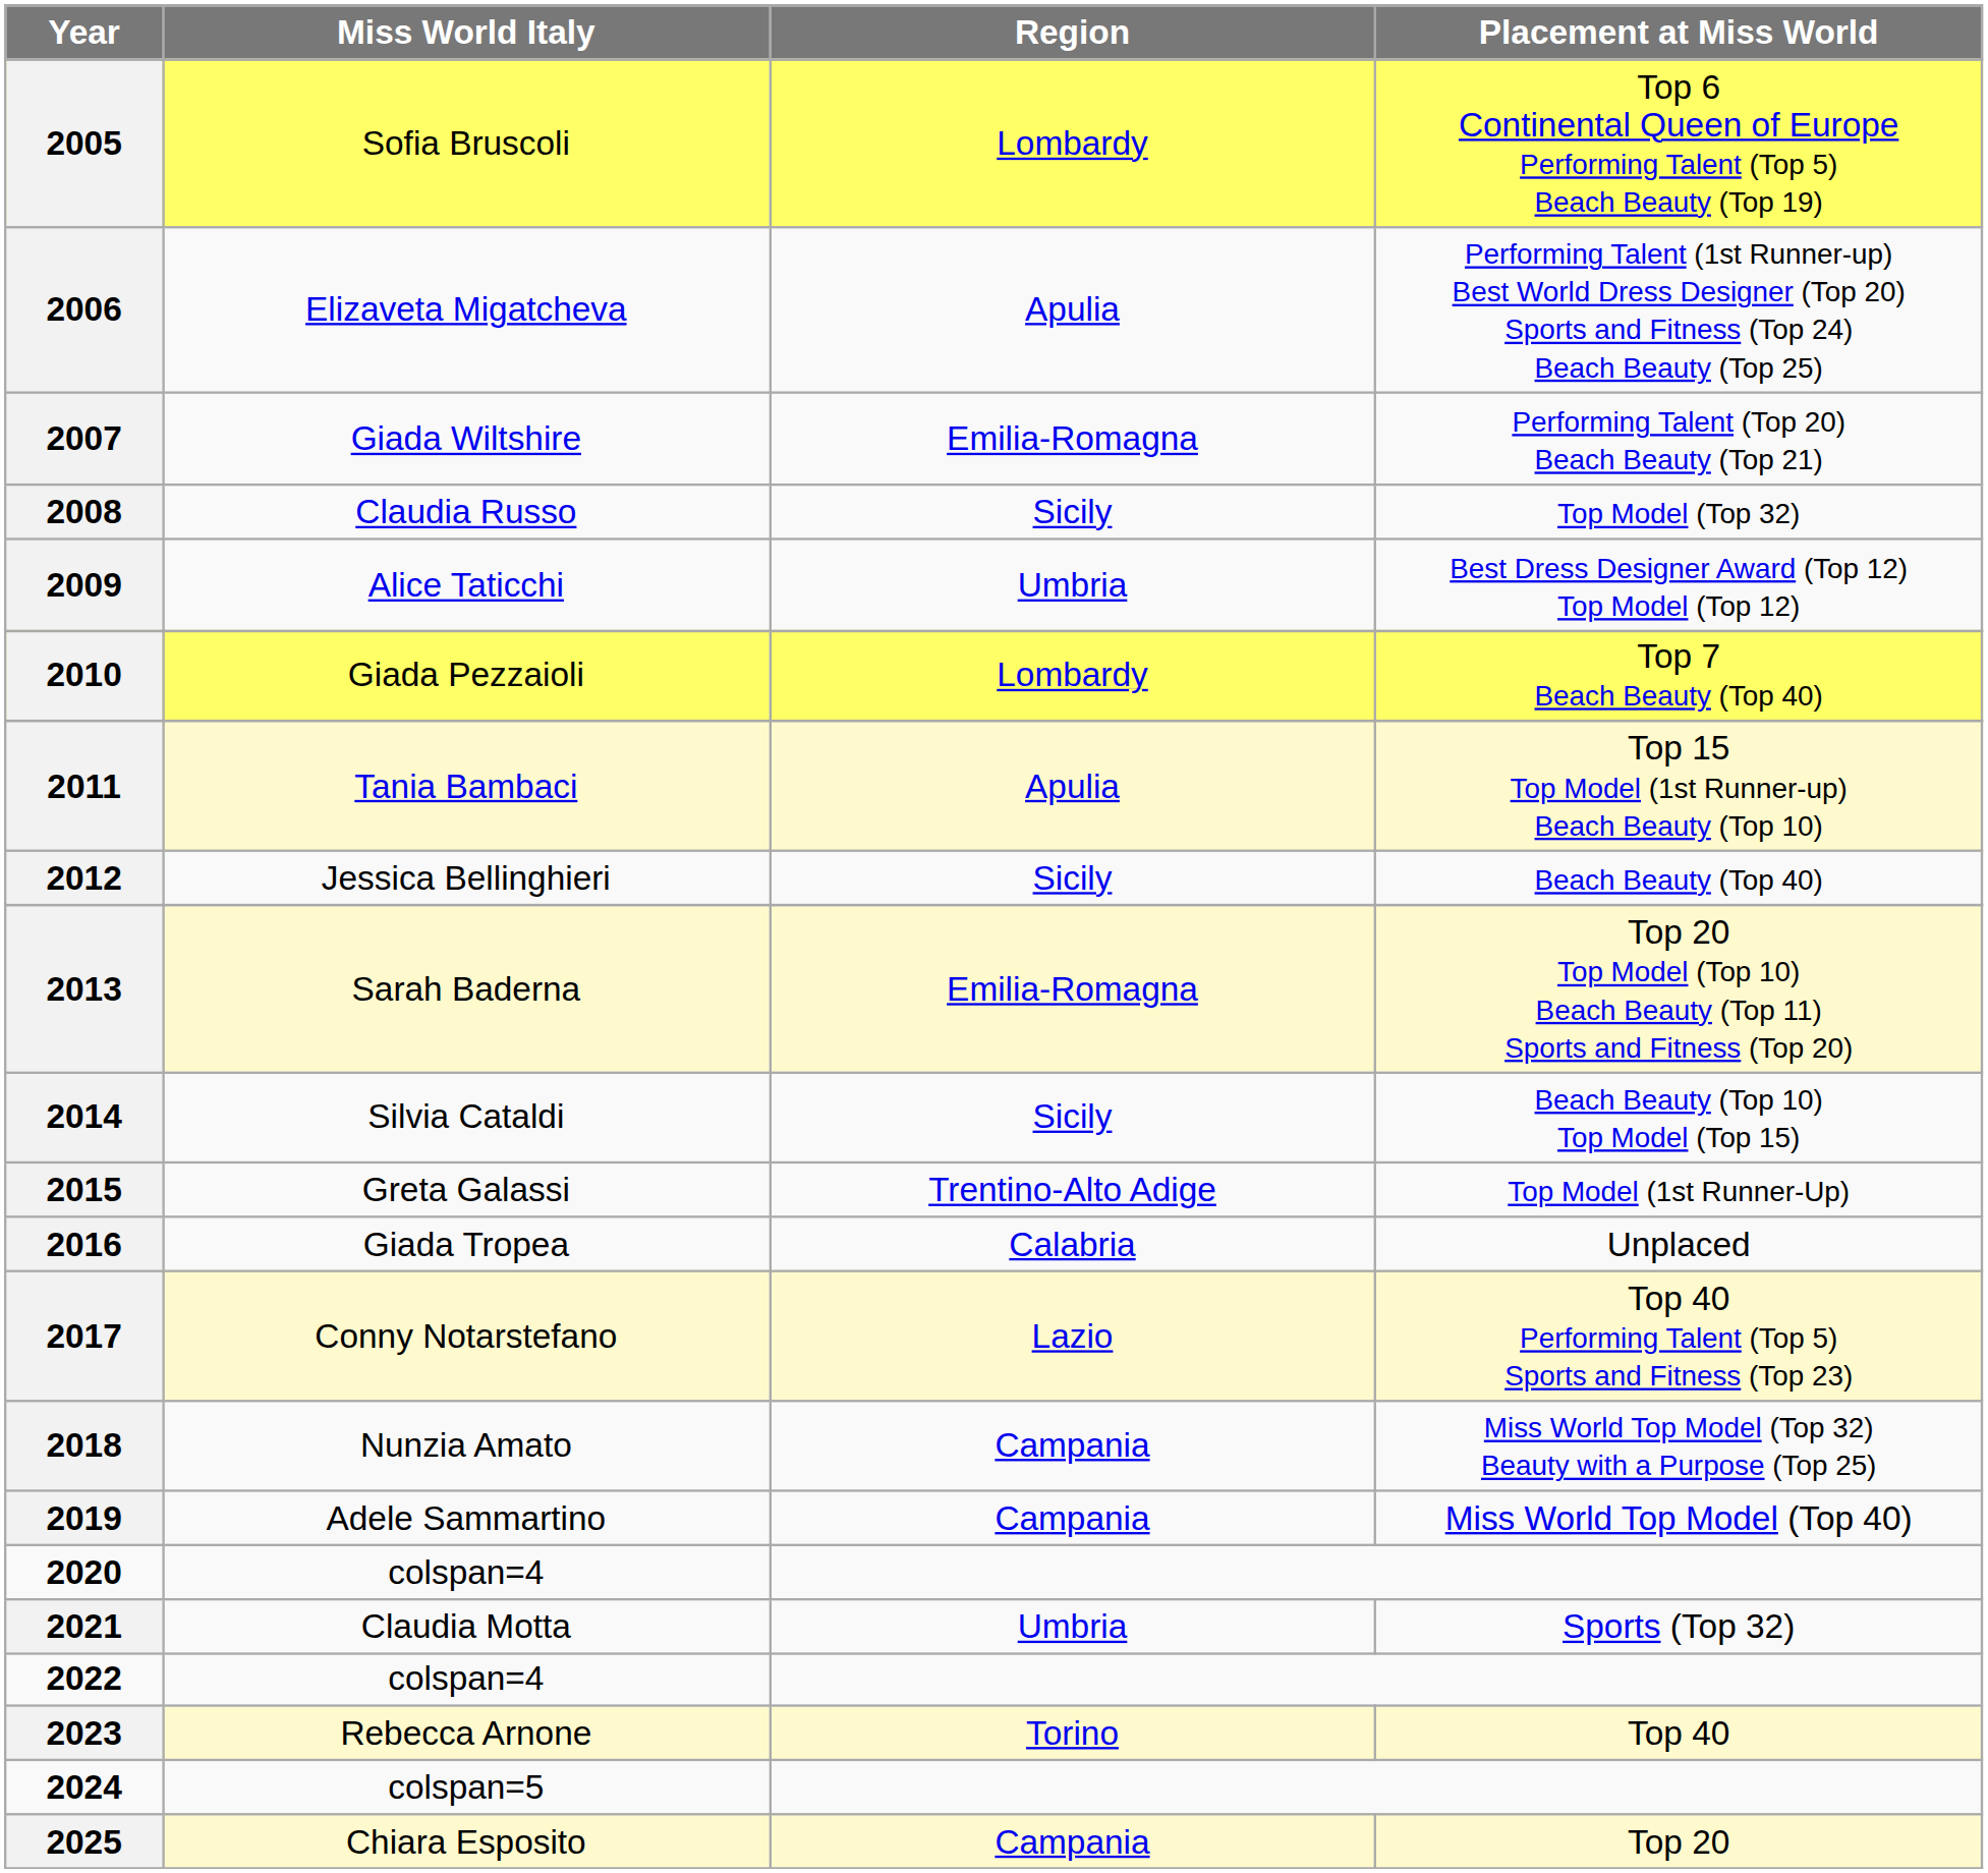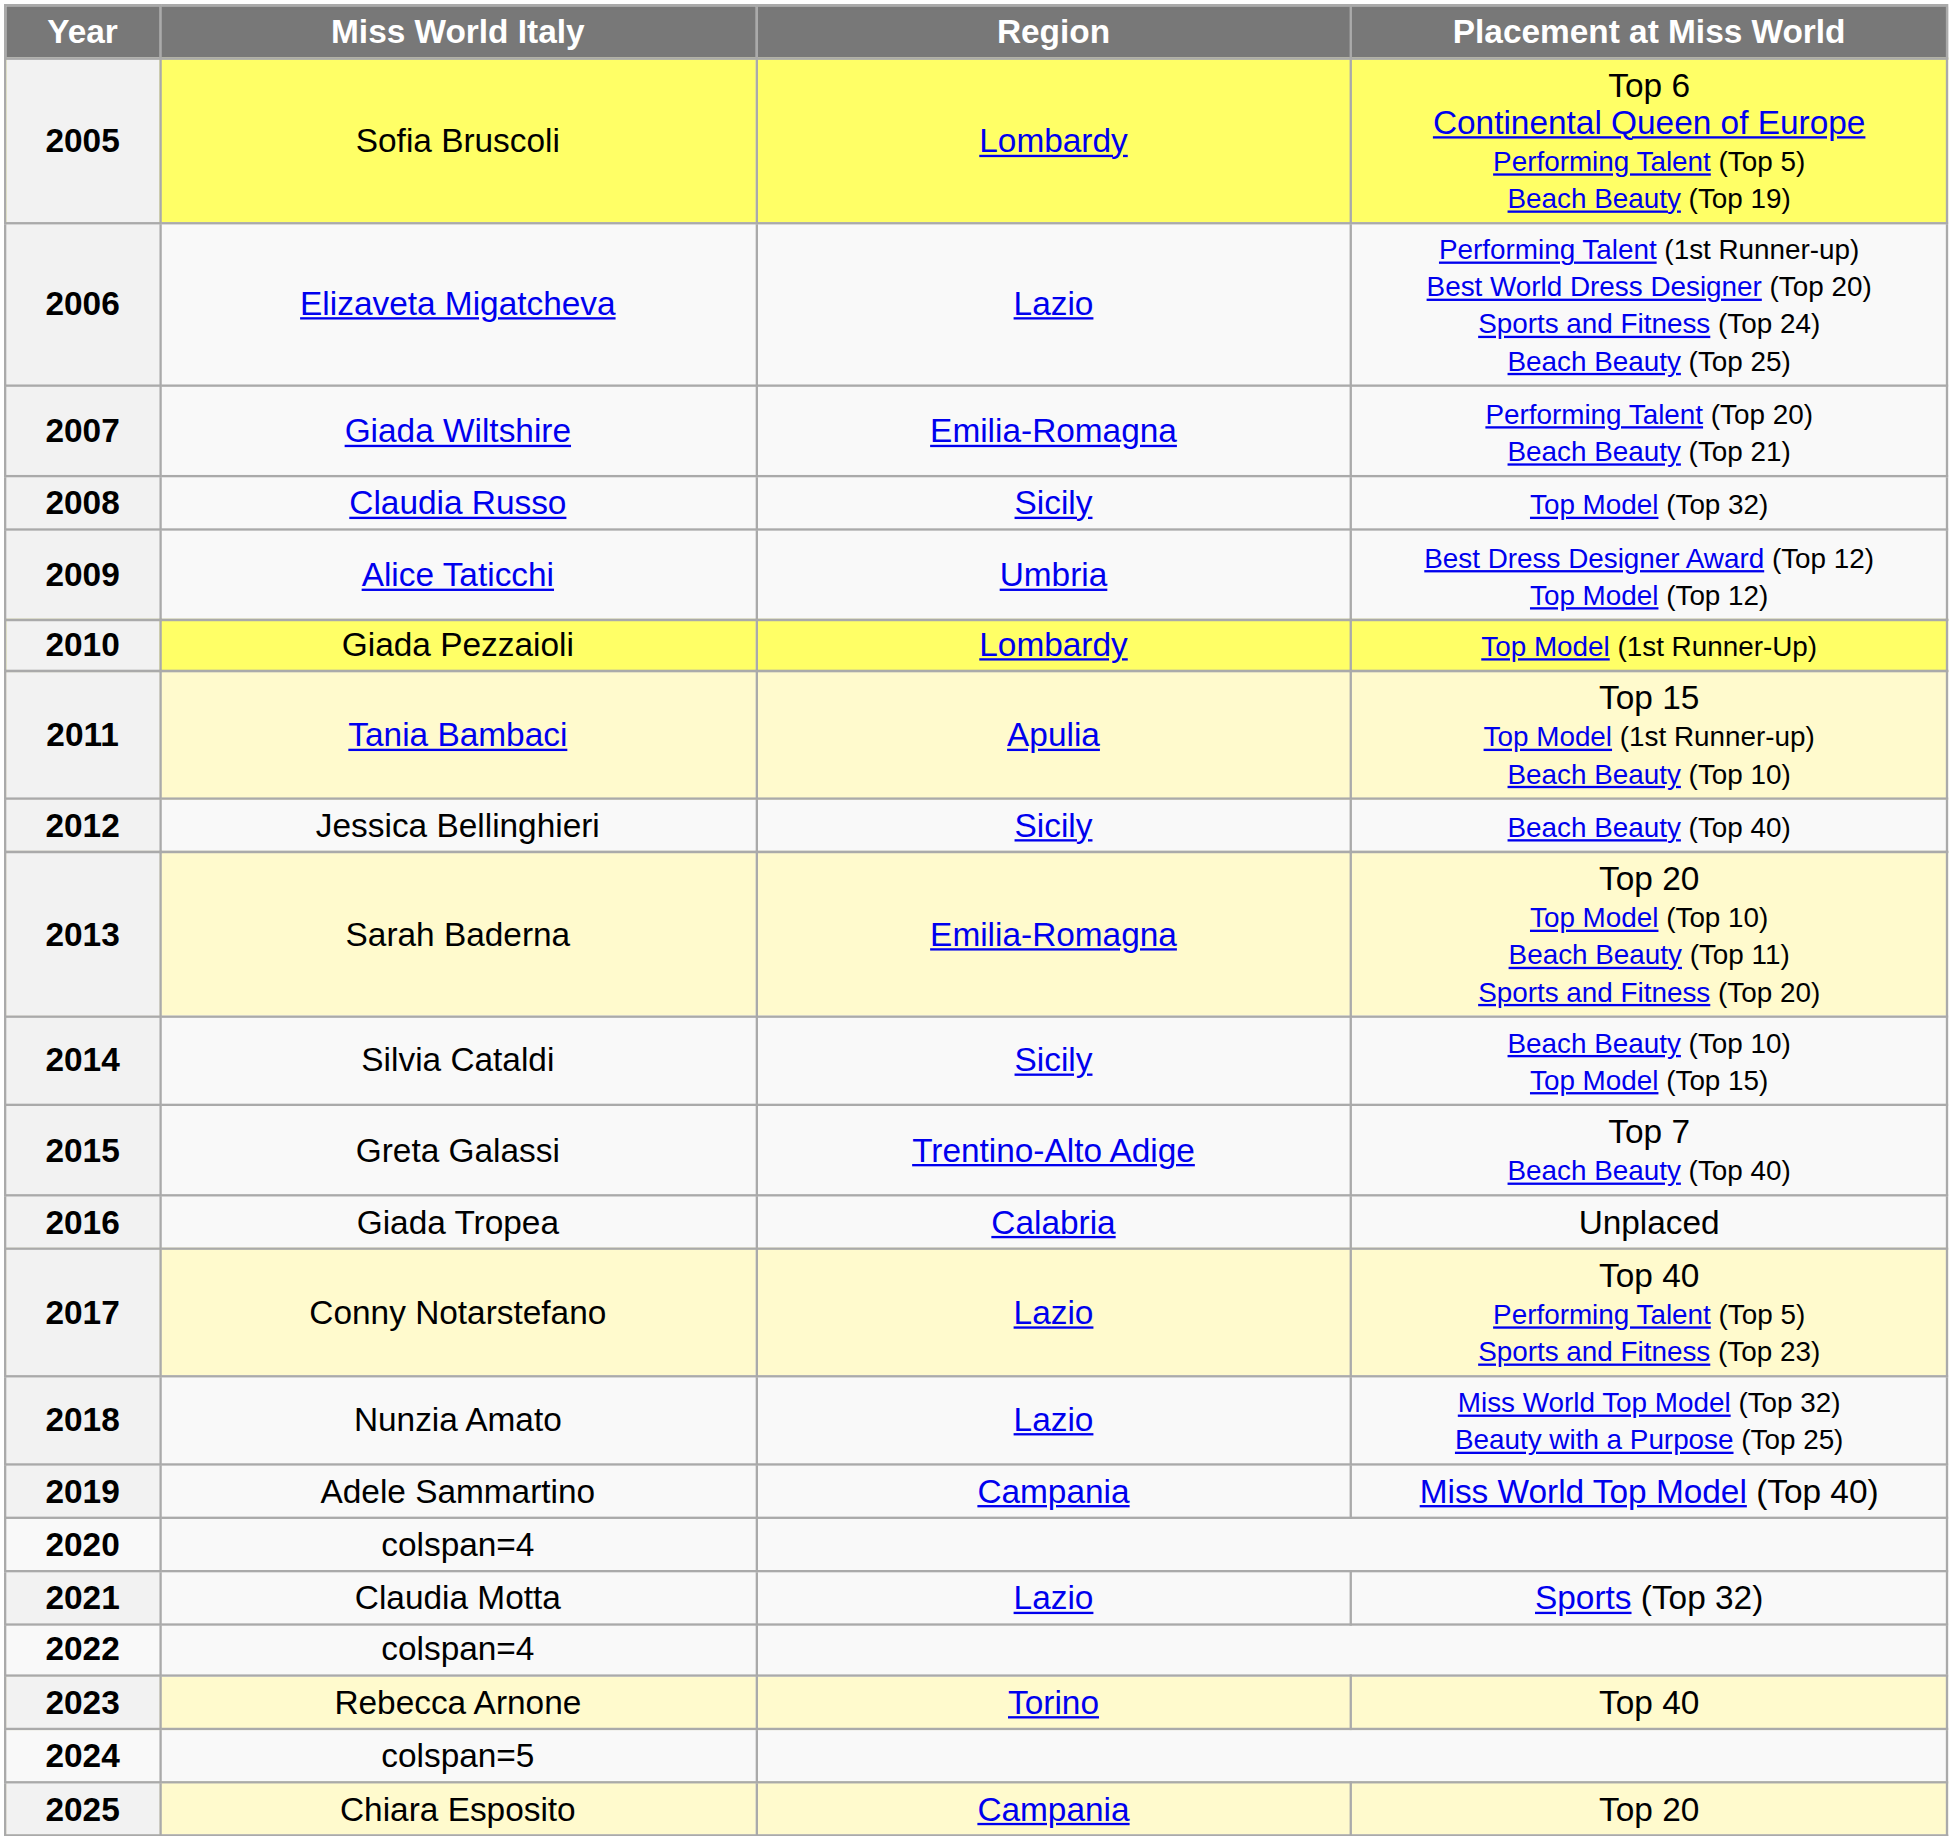 <table class="wikitable sortable" style="font-size: 90%; text-align:center">
 <tr>
 <th width="60" style="background-color:#787878;color:#FFFFFF;">Year</th>
 <th width="250" style="background-color:#787878;color:#FFFFFF;">Miss World Italy</th>
 <th width="250" style="background-color:#787878;color:#FFFFFF;">Region</th>
 <th width="250" style="background-color:#787878;color:#FFFFFF;">Placement at Miss World</th>
 </tr>
 <tr>
 </tr>
 <tr style="background-color:#FFFF66;">
 <th>2005</th>
 <td>Sofia Bruscoli</td>
 <td><a href='#'>Lombardy</a></td>
 <td>Top 6<br><a href='#'>Continental Queen of Europe</a><br><small><a href='#'>Performing Talent</a> (Top 5)<br><a href='#'>Beach Beauty</a> (Top 19)</small></td>
 </tr>
 <tr>
 <th>2006</th>
 <td><a href='#'>Elizaveta Migatcheva</a></td>
-<td><a href='#'>Apulia</a></td>
+<td><a href='#'>Lazio</a></td>
 <td><small><a href='#'>Performing Talent</a> (1st Runner-up)<br><a href='#'>Best World Dress Designer</a> (Top 20)<br><a href='#'>Sports and Fitness</a> (Top 24)<br><a href='#'>Beach Beauty</a> (Top 25)</small></td>
 </tr>
 <tr>
 <th>2007</th>
 <td><a href='#'>Giada Wiltshire</a></td>
 <td><a href='#'>Emilia-Romagna</a></td>
 <td><small><a href='#'>Performing Talent</a> (Top 20)<br><a href='#'>Beach Beauty</a> (Top 21)</small></td>
 </tr>
 <tr>
 <th>2008</th>
 <td><a href='#'>Claudia Russo</a></td>
 <td><a href='#'>Sicily</a></td>
 <td><small><a href='#'>Top Model</a> (Top 32)</small></td>
 </tr>
 <tr>
 <th>2009</th>
 <td><a href='#'>Alice Taticchi</a></td>
 <td><a href='#'>Umbria</a></td>
 <td><small><a href='#'>Best Dress Designer Award</a> (Top 12)<br><a href='#'>Top Model</a> (Top 12)</small></td>
 </tr>
 <tr>
 </tr>
 <tr style="background-color:#FFFF66;">
 <th>2010</th>
 <td>Giada Pezzaioli</td>
 <td><a href='#'>Lombardy</a></td>
-<td>Top 7<br><small><a href='#'>Beach Beauty</a> (Top 40)</small></td>
+<td><small><a href='#'>Top Model</a> (1st Runner-Up)</small></td>
 </tr>
 <tr>
 </tr>
 <tr style="background-color:#FFFACD;">
 <th>2011</th>
 <td><a href='#'>Tania Bambaci</a></td>
 <td><a href='#'>Apulia</a></td>
 <td>Top 15<br><small><a href='#'>Top Model</a> (1st Runner-up)<br><a href='#'>Beach Beauty</a> (Top 10)</small></td>
 </tr>
 <tr>
 <th>2012</th>
 <td>Jessica Bellinghieri</td>
 <td><a href='#'>Sicily</a></td>
 <td><small><a href='#'>Beach Beauty</a> (Top 40)</small></td>
 </tr>
 <tr>
 </tr>
 <tr style="background-color:#FFFACD;">
 <th>2013</th>
 <td>Sarah Baderna</td>
 <td><a href='#'>Emilia-Romagna</a></td>
 <td>Top 20<br><small><a href='#'>Top Model</a> (Top 10)<br><a href='#'>Beach Beauty</a> (Top 11)<br><a href='#'>Sports and Fitness</a> (Top 20)</small></td>
 </tr>
 <tr>
 <th>2014</th>
 <td>Silvia Cataldi</td>
 <td><a href='#'>Sicily</a></td>
 <td><small><a href='#'>Beach Beauty</a> (Top 10)<br><a href='#'>Top Model</a> (Top 15)</small></td>
 </tr>
 <tr>
 <th>2015</th>
 <td>Greta Galassi</td>
 <td><a href='#'>Trentino-Alto Adige</a></td>
-<td><small><a href='#'>Top Model</a> (1st Runner-Up)</small></td>
+<td>Top 7<br><small><a href='#'>Beach Beauty</a> (Top 40)</small></td>
 </tr>
 <tr>
 <th>2016</th>
 <td>Giada Tropea</td>
 <td><a href='#'>Calabria</a></td>
 <td>Unplaced</td>
 </tr>
 <tr style="background-color:#FFFACD;">
 <th>2017</th>
 <td>Conny Notarstefano</td>
 <td><a href='#'>Lazio</a></td>
 <td>Top 40<br><small><a href='#'>Performing Talent</a> (Top 5)<br><a href='#'>Sports and Fitness</a> (Top 23)</small></td>
 </tr>
 <tr>
 <th>2018</th>
 <td>Nunzia Amato</td>
-<td><a href='#'>Campania</a></td>
+<td><a href='#'>Lazio</a></td>
 <td><small><a href='#'>Miss World Top Model</a> (Top 32)<br><a href='#'>Beauty with a Purpose</a> (Top 25)</small></td>
 </tr>
 <tr>
 <th>2019</th>
 <td>Adele Sammartino</td>
 <td><a href='#'>Campania</a></td>
 <td><a href='#'>Miss World Top Model</a> (Top 40)</td>
 </tr>
 <tr>
 <td><strong>2020</strong></td>
 <td>colspan=4 </td>
 </tr>
 <tr>
 <th>2021</th>
 <td>Claudia Motta</td>
-<td><a href='#'>Umbria</a></td>
+<td><a href='#'>Lazio</a></td>
 <td><a href='#'>Sports</a> (Top 32)</td>
 </tr>
 <tr>
 <td><strong>2022</strong></td>
 <td>colspan=4 </td>
 </tr>
 <tr style="background-color:#FFFACD;">
 <th>2023</th>
 <td>Rebecca Arnone</td>
 <td><a href='#'>Torino</a></td>
 <td>Top 40</td>
 </tr>
 <tr>
 <td><strong>2024</strong></td>
 <td>colspan=5 </td>
 </tr>
 <tr style="background-color:#FFFACD;">
 <th>2025</th>
 <td>Chiara Esposito</td>
 <td><a href='#'>Campania</a></td>
 <td>Top 20</td>
 </tr>
 <tr>
 </tr>
 </table>
